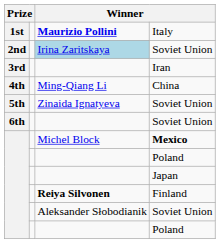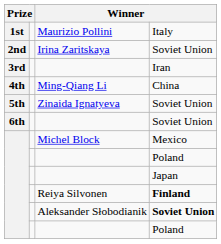 <table class="wikitable">
 <tr>
 <th colspan="2">Prize</th>
 <th colspan="2">Winner</th>
 </tr>
 <tr>
 <th>1st</th>
 <td></td>
-<td><strong><a href='#'>Maurizio Pollini</a></strong></td>
+<td><a href='#'>Maurizio Pollini</a></td>
 <td>Italy</td>
 </tr>
 <tr>
 <th>2nd</th>
 <td></td>
-<td style="background: lightblue;"><a href='#'>Irina Zaritskaya</a></td>
+<td><a href='#'>Irina Zaritskaya</a></td>
 <td>Soviet Union</td>
 </tr>
 <tr>
 <th>3rd</th>
 <td></td>
 <td></td>
 <td>Iran</td>
 </tr>
 <tr>
 <th>4th</th>
 <td></td>
 <td><a href='#'>Ming-Qiang Li</a></td>
 <td>China</td>
 </tr>
 <tr>
 <th>5th</th>
 <td></td>
 <td><a href='#'>Zinaida Ignatyeva</a></td>
 <td>Soviet Union</td>
 </tr>
 <tr>
 <th>6th</th>
 <td></td>
 <td></td>
 <td>Soviet Union</td>
 </tr>
 <tr>
 <th rowspan="6"></th>
 <td style="text-align:right;"></td>
 <td><a href='#'>Michel Block</a></td>
-<td><strong>Mexico</strong></td>
+<td>Mexico</td>
 </tr>
 <tr>
 <td style="text-align:right;"></td>
 <td></td>
 <td>Poland</td>
 </tr>
 <tr>
 <td style="text-align:right;"></td>
 <td></td>
 <td>Japan</td>
 </tr>
 <tr>
 <td style="text-align:right;"></td>
-<td><strong>Reiya Silvonen</strong></td>
-<td>Finland</td>
+<td>Reiya Silvonen</td>
+<td><strong>Finland</strong></td>
 </tr>
 <tr>
 <td style="text-align:right;"></td>
 <td>Aleksander Słobodianik</td>
-<td>Soviet Union</td>
+<td><strong>Soviet Union</strong></td>
 </tr>
 <tr>
 <td style="text-align:right;"></td>
 <td></td>
 <td>Poland</td>
 </tr>
 </table>
